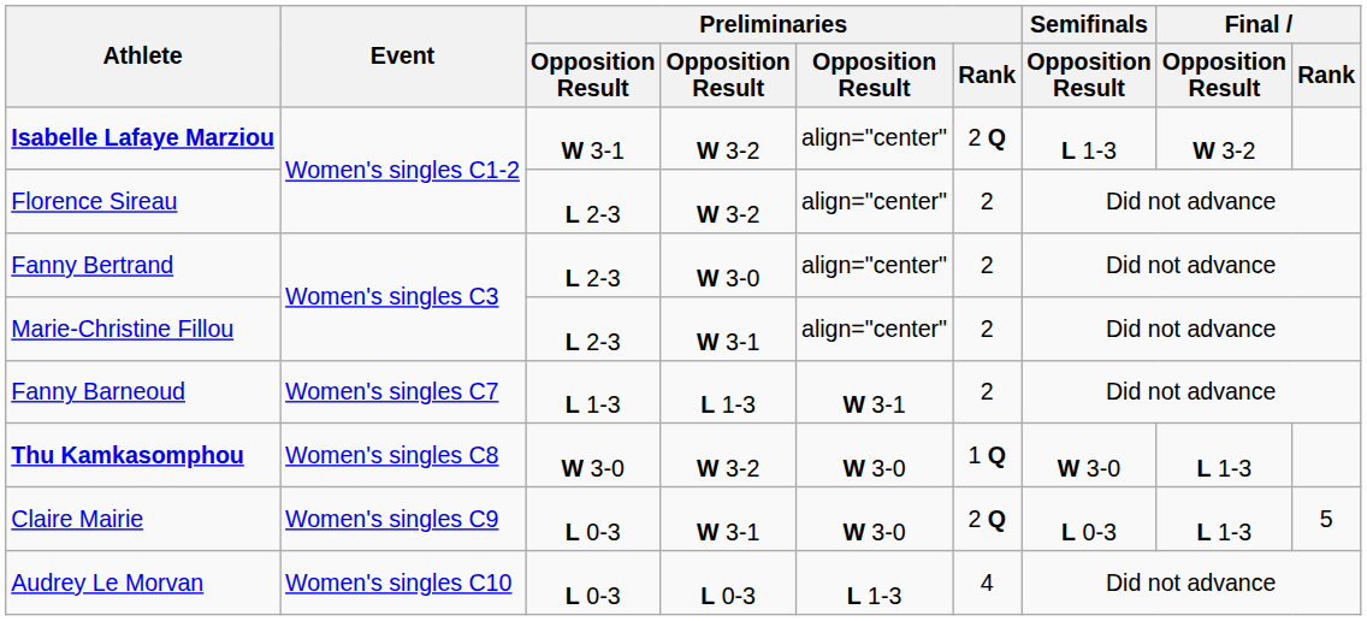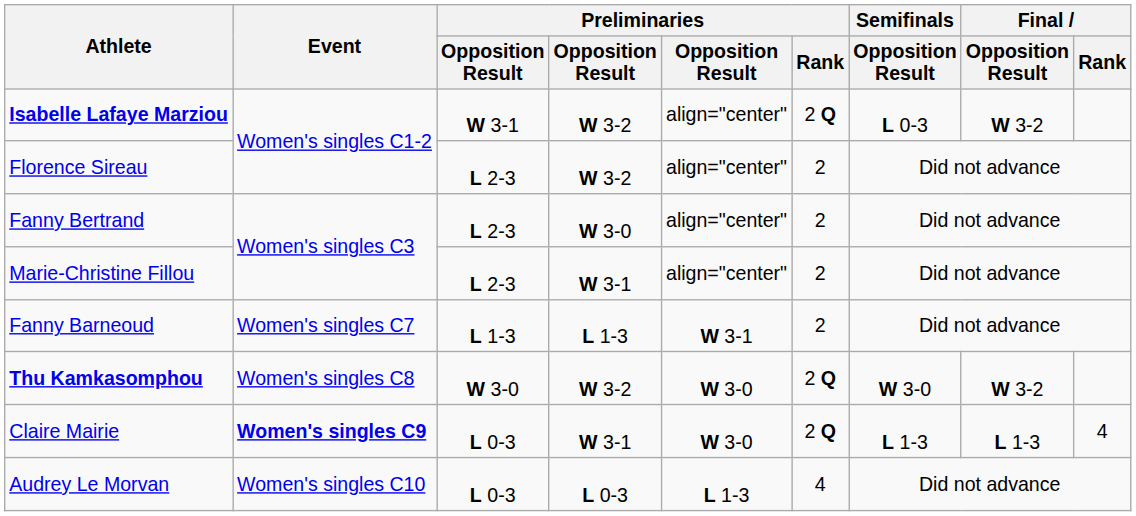 <table class=wikitable style="font-size:90%">
 <tr>
 <th rowspan="2">Athlete</th>
 <th rowspan="2">Event</th>
 <th colspan="4">Preliminaries</th>
 <th>Semifinals</th>
 <th colspan="2">Final / </th>
 </tr>
 <tr>
 <th>Opposition<br>Result</th>
 <th>Opposition<br>Result</th>
 <th>Opposition<br>Result</th>
 <th>Rank</th>
 <th>Opposition<br>Result</th>
 <th>Opposition<br>Result</th>
 <th>Rank</th>
 </tr>
 <tr>
 <td><strong><a href='#'>Isabelle Lafaye Marziou</a></strong></td>
 <td rowspan=2><a href='#'>Women's singles C1-2</a></td>
 <td align="center"><br><strong>W</strong> 3-1</td>
 <td align="center"><br><strong>W</strong> 3-2</td>
 <td>align="center" </td>
 <td align="center">2 <strong>Q</strong></td>
-<td align="center"><br><strong>L</strong> 1-3</td>
+<td align="center"><br><strong>L</strong> 0-3</td>
 <td align="center"><br><strong>W</strong> 3-2</td>
 <td align="center"></td>
 </tr>
 <tr>
 <td><a href='#'>Florence Sireau</a></td>
 <td align="center"><br><strong>L</strong> 2-3</td>
 <td align="center"><br><strong>W</strong> 3-2</td>
 <td>align="center" </td>
 <td align="center">2</td>
 <td align="center" colspan=3>Did not advance</td>
 </tr>
 <tr>
 <td><a href='#'>Fanny Bertrand</a></td>
 <td rowspan=2><a href='#'>Women's singles C3</a></td>
 <td align="center"><br><strong>L</strong> 2-3</td>
 <td align="center"><br><strong>W</strong> 3-0</td>
 <td>align="center" </td>
 <td align="center">2</td>
 <td align="center" colspan=3>Did not advance</td>
 </tr>
 <tr>
 <td><a href='#'>Marie-Christine Fillou</a></td>
 <td align="center"><br><strong>L</strong> 2-3</td>
 <td align="center"><br><strong>W</strong> 3-1</td>
 <td>align="center" </td>
 <td align="center">2</td>
 <td align="center" colspan=3>Did not advance</td>
 </tr>
 <tr>
 <td><a href='#'>Fanny Barneoud</a></td>
 <td><a href='#'>Women's singles C7</a></td>
 <td align="center"><br><strong>L</strong> 1-3</td>
 <td align="center"><br><strong>L</strong> 1-3</td>
 <td align="center"><br><strong>W</strong> 3-1</td>
 <td align="center">2</td>
 <td align="center" colspan=3>Did not advance</td>
 </tr>
 <tr>
 <td><strong><a href='#'>Thu Kamkasomphou</a></strong></td>
 <td><a href='#'>Women's singles C8</a></td>
 <td align="center"><br><strong>W</strong> 3-0</td>
 <td align="center"><br><strong>W</strong> 3-2</td>
 <td align="center"><br><strong>W</strong> 3-0</td>
-<td align="center">1 <strong>Q</strong></td>
+<td align="center">2 <strong>Q</strong></td>
 <td align="center"><br><strong>W</strong> 3-0</td>
-<td align="center"><br><strong>L</strong> 1-3</td>
+<td align="center"><br><strong>W</strong> 3-2</td>
 <td align="center"></td>
 </tr>
 <tr>
 <td><a href='#'>Claire Mairie</a></td>
-<td><a href='#'>Women's singles C9</a></td>
+<td><strong><a href='#'>Women's singles C9</a></strong></td>
 <td align="center"><br><strong>L</strong> 0-3</td>
 <td align="center"><br><strong>W</strong> 3-1</td>
 <td align="center"><br><strong>W</strong> 3-0</td>
 <td align="center">2 <strong>Q</strong></td>
-<td align="center"><br><strong>L</strong> 0-3</td>
 <td align="center"><br><strong>L</strong> 1-3</td>
-<td align="center">5</td>
+<td align="center"><br><strong>L</strong> 1-3</td>
+<td align="center">4</td>
 </tr>
 <tr>
 <td><a href='#'>Audrey Le Morvan</a></td>
 <td><a href='#'>Women's singles C10</a></td>
 <td align="center"><br><strong>L</strong> 0-3</td>
 <td align="center"><br><strong>L</strong> 0-3</td>
 <td align="center"><br><strong>L</strong> 1-3</td>
 <td align="center">4</td>
 <td align="center" colspan=3>Did not advance</td>
 </tr>
 </table>
